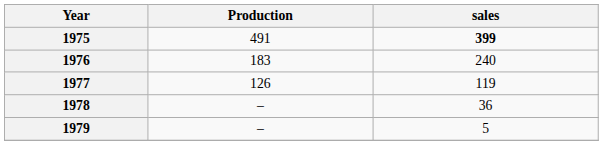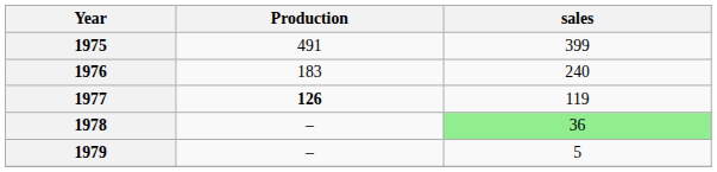 <table class="wikitable" style="font-size:90%; text-align:center">
 <tr>
 <th style="width:10em">Year</th>
 <th style="width:16em">Production</th>
 <th style="width:16em">sales</th>
 </tr>
 <tr>
 <th>1975</th>
 <td>491</td>
-<td><strong>399</strong></td>
+<td>399</td>
 </tr>
 <tr>
 <th>1976</th>
 <td>183</td>
 <td>240</td>
 </tr>
 <tr>
 <th>1977</th>
-<td>126</td>
+<td><strong>126</strong></td>
 <td>119</td>
 </tr>
 <tr>
 <th>1978</th>
 <td>–</td>
-<td>36</td>
+<td style="background: lightgreen;">36</td>
 </tr>
 <tr>
 <th>1979</th>
 <td>–</td>
 <td>5</td>
 </tr>
 <tr>
 </tr>
 </table>
